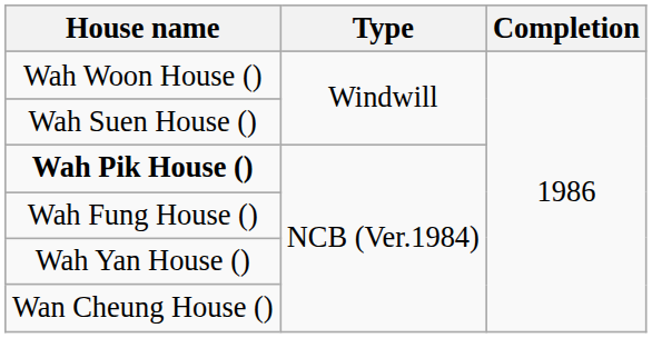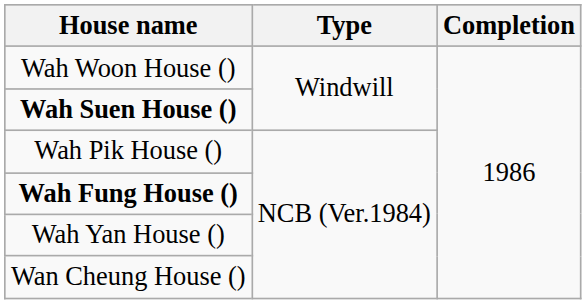 <table class="wikitable" style="text-align: center;">
 <tr>
 <th>House name</th>
 <th>Type</th>
 <th>Completion</th>
 </tr>
 <tr>
 <td>Wah Woon House ()</td>
 <td rowspan="2">Windwill</td>
 <td rowspan="7">1986</td>
 </tr>
 <tr>
-<td>Wah Suen House ()</td>
+<td><strong>Wah Suen House ()</strong></td>
 </tr>
 <tr>
-<td><strong>Wah Pik House ()</strong></td>
+<td>Wah Pik House ()</td>
 <td rowspan="4">NCB (Ver.1984)</td>
 </tr>
 <tr>
-<td>Wah Fung House ()</td>
+<td><strong>Wah Fung House ()</strong></td>
 </tr>
 <tr>
 <td>Wah Yan House ()</td>
 </tr>
 <tr>
 <td>Wan Cheung House ()</td>
 </tr>
 </table>
